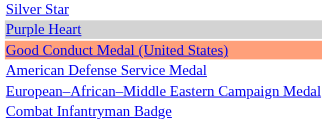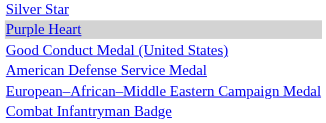 <table>
 <tr>
 <td> <a href='#'>Silver Star</a></td>
 </tr>
 <tr>
 <td style="background: lightgrey;"> <a href='#'>Purple Heart</a></td>
 </tr>
 <tr>
-<td style="background: lightsalmon;"> <a href='#'>Good Conduct Medal (United States)</a></td>
+<td> <a href='#'>Good Conduct Medal (United States)</a></td>
 </tr>
 <tr>
 <td> <a href='#'>American Defense Service Medal</a></td>
 </tr>
 <tr>
 <td> <a href='#'>European–African–Middle Eastern Campaign Medal</a></td>
 </tr>
 <tr>
 <td> <a href='#'>Combat Infantryman Badge</a></td>
 </tr>
 </table>
